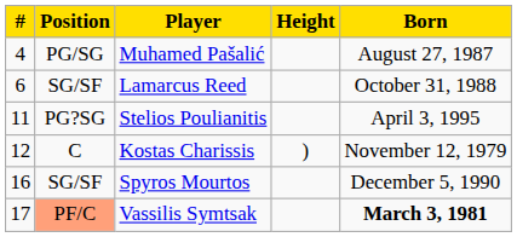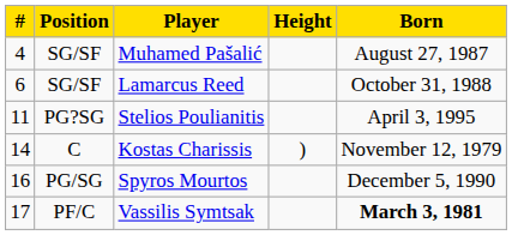 <table class="wikitable sortable" style="text-align: center;">
 <tr>
 <td style="background:#FFDF00; color:black"><strong>#</strong></td>
 <td style="background:#FFDF00; color:black"><strong>Position</strong></td>
 <td style="background:#FFDF00; color:black"><strong>Player</strong></td>
 <td style="background:#FFDF00; color:black"><strong>Height</strong></td>
 <td style="background:#FFDF00; color:black"><strong>Born</strong></td>
 </tr>
 <tr>
 <td>4</td>
-<td>PG/SG</td>
+<td>SG/SF</td>
 <td align="left"> <a href='#'>Muhamed Pašalić</a></td>
 <td></td>
 <td>August 27, 1987</td>
 </tr>
 <tr>
 <td>6</td>
 <td>SG/SF</td>
 <td align="left"> <a href='#'>Lamarcus Reed</a></td>
 <td></td>
 <td>October 31, 1988</td>
 </tr>
 <tr>
 <td>11</td>
 <td>PG?SG</td>
 <td align="left"> <a href='#'>Stelios Poulianitis</a></td>
 <td></td>
 <td>April 3, 1995</td>
 </tr>
 <tr>
-<td>12</td>
+<td>14</td>
 <td>C</td>
 <td align="left"> <a href='#'>Kostas Charissis</a></td>
 <td> )</td>
 <td>November 12, 1979</td>
 </tr>
 <tr>
 <td>16</td>
-<td>SG/SF</td>
+<td>PG/SG</td>
 <td align="left"> <a href='#'>Spyros Mourtos</a></td>
 <td></td>
 <td>December 5, 1990</td>
 </tr>
 <tr>
 <td>17</td>
-<td style="background: lightsalmon;">PF/C</td>
+<td>PF/C</td>
 <td align="left"> <a href='#'>Vassilis Symtsak</a></td>
 <td></td>
 <td><strong>March 3, 1981</strong></td>
 </tr>
 </table>
